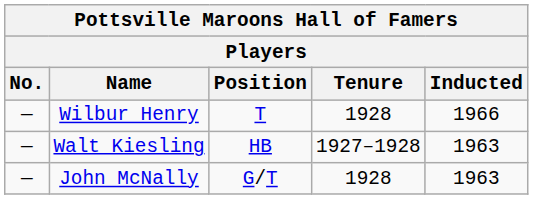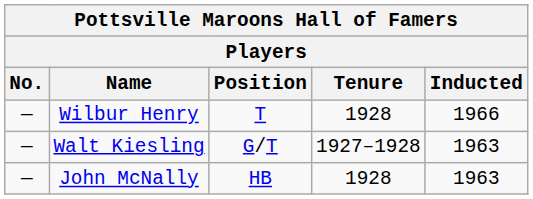 <table class="wikitable" style="text-align:center">
 <tr>
 <th colspan="5">Pottsville Maroons Hall of Famers</th>
 </tr>
 <tr>
 <th colspan="5">Players</th>
 </tr>
 <tr>
 <th>No.</th>
 <th>Name</th>
 <th>Position</th>
 <th>Tenure</th>
 <th>Inducted</th>
 </tr>
 <tr>
 <td>—</td>
 <td><a href='#'>Wilbur Henry</a></td>
 <td><a href='#'>T</a></td>
 <td>1928</td>
 <td>1966</td>
 </tr>
 <tr>
 <td>—</td>
 <td><a href='#'>Walt Kiesling</a></td>
-<td><a href='#'>HB</a></td>
+<td><a href='#'>G</a>/<a href='#'>T</a></td>
 <td>1927–1928</td>
 <td>1963</td>
 </tr>
 <tr>
 <td>—</td>
 <td><a href='#'>John McNally</a></td>
-<td><a href='#'>G</a>/<a href='#'>T</a></td>
+<td><a href='#'>HB</a></td>
 <td>1928</td>
 <td>1963</td>
 </tr>
 </table>
